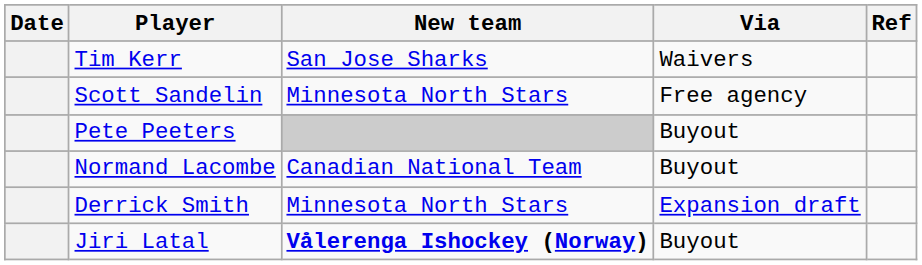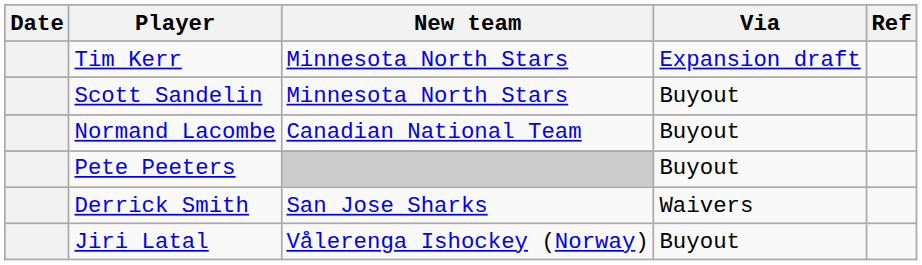 <table class="wikitable plainrowheaders">
 <tr style="background:#ddd; text-align:center;">
 <th>Date</th>
 <th>Player</th>
 <th>New team</th>
 <th>Via</th>
 <th>Ref</th>
 </tr>
 <tr>
 <th scope="row"></th>
 <td><a href='#'>Tim Kerr</a></td>
-<td><a href='#'>San Jose Sharks</a></td>
-<td>Waivers</td>
+<td><a href='#'>Minnesota North Stars</a></td>
+<td><a href='#'>Expansion draft</a></td>
 <td></td>
 </tr>
 <tr>
 <th scope="row"></th>
 <td><a href='#'>Scott Sandelin</a></td>
 <td><a href='#'>Minnesota North Stars</a></td>
-<td>Free agency</td>
-<td></td>
-</tr>
-<tr>
-<th scope="row"></th>
-<td><a href='#'>Pete Peeters</a></td>
-<td style="background:#ccc"></td>
 <td>Buyout</td>
 <td></td>
 </tr>
 <tr>
 <th scope="row"></th>
 <td><a href='#'>Normand Lacombe</a></td>
 <td><a href='#'>Canadian National Team</a></td>
 <td>Buyout</td>
 <td></td>
 </tr>
 <tr>
 <th scope="row"></th>
+<td><a href='#'>Pete Peeters</a></td>
+<td style="background:#ccc"></td>
+<td>Buyout</td>
+<td></td>
+</tr>
+<tr>
+<th scope="row"></th>
 <td><a href='#'>Derrick Smith</a></td>
-<td><a href='#'>Minnesota North Stars</a></td>
-<td><a href='#'>Expansion draft</a></td>
+<td><a href='#'>San Jose Sharks</a></td>
+<td>Waivers</td>
 <td></td>
 </tr>
 <tr>
 <th scope="row"></th>
 <td><a href='#'>Jiri Latal</a></td>
-<td><strong><a href='#'>Vålerenga Ishockey</a> (<a href='#'>Norway</a>)</strong></td>
+<td><a href='#'>Vålerenga Ishockey</a> (<a href='#'>Norway</a>)</td>
 <td>Buyout</td>
 <td></td>
 </tr>
 </table>
